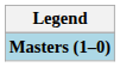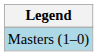 <table class="wikitable">
 <tr>
 <th>Legend</th>
 </tr>
 <tr>
 </tr>
 <tr style="background:lightblue;">
-<td><strong>Masters (1–0)</strong></td>
+<td>Masters (1–0)</td>
 </tr>
 </table>
